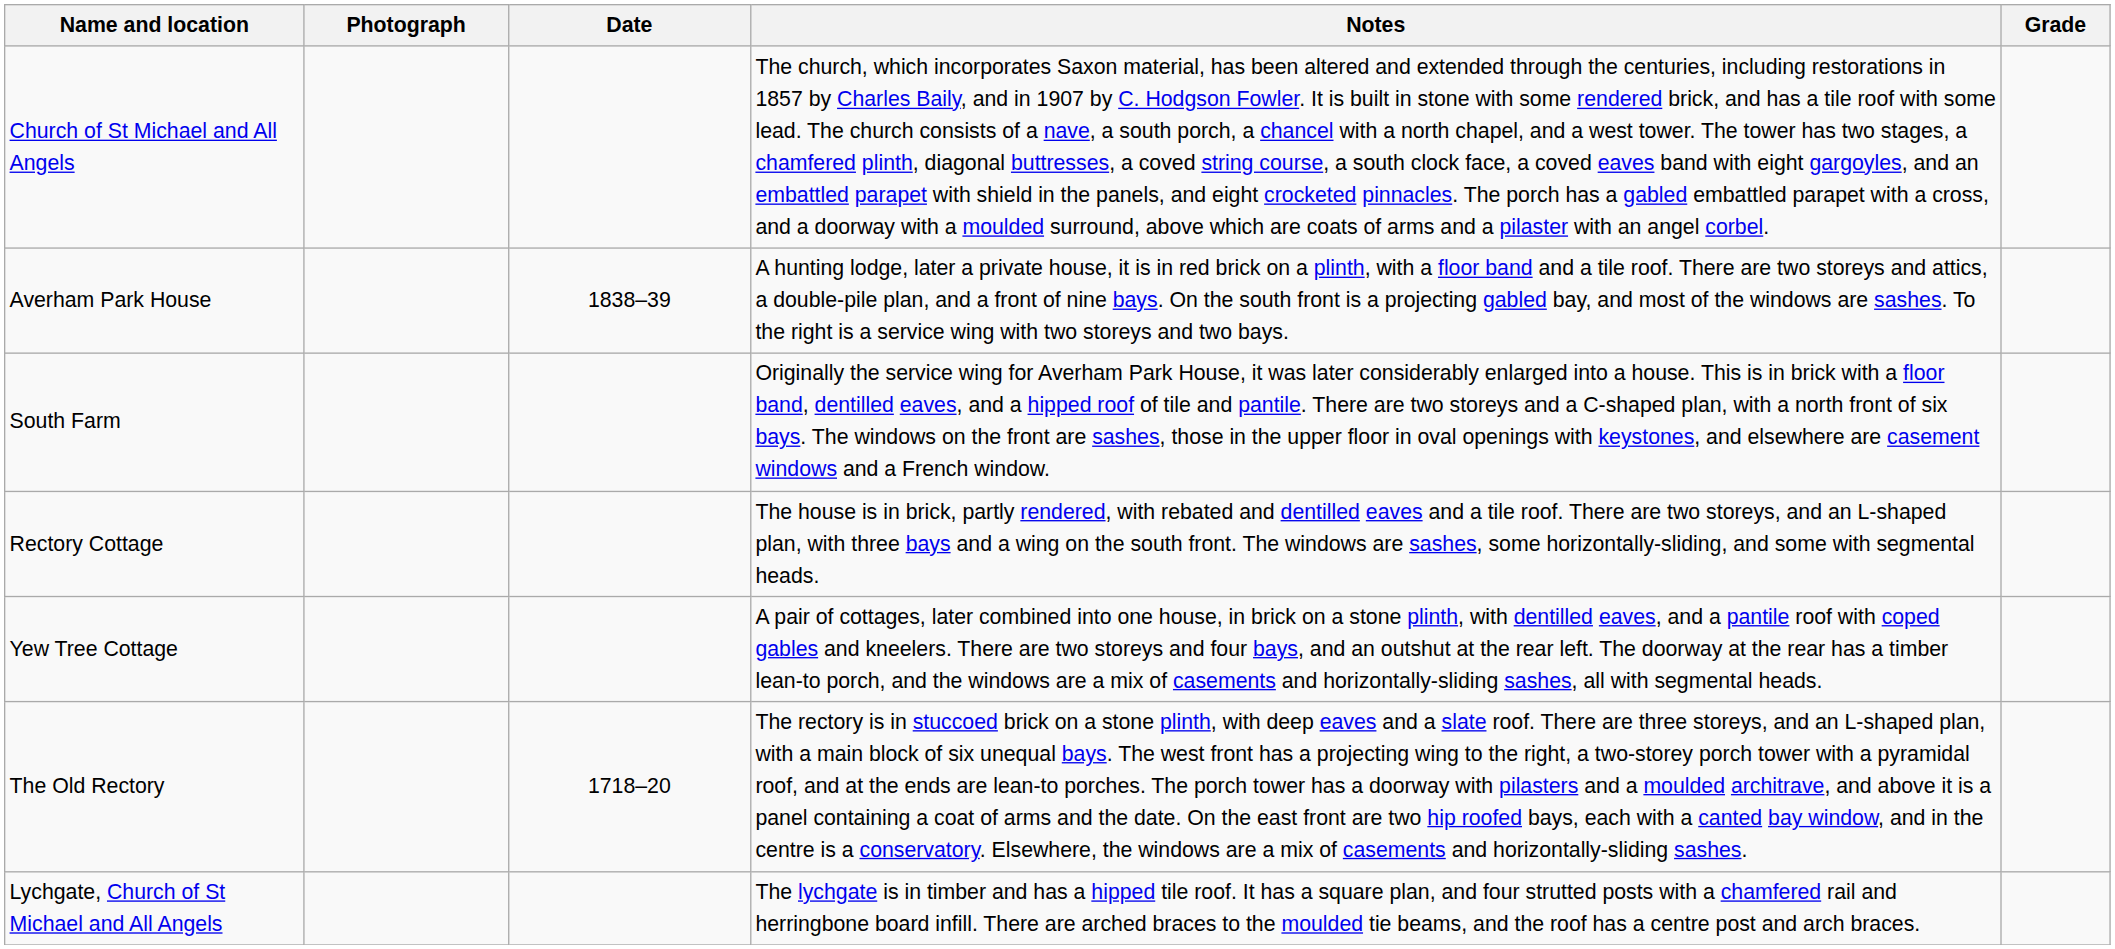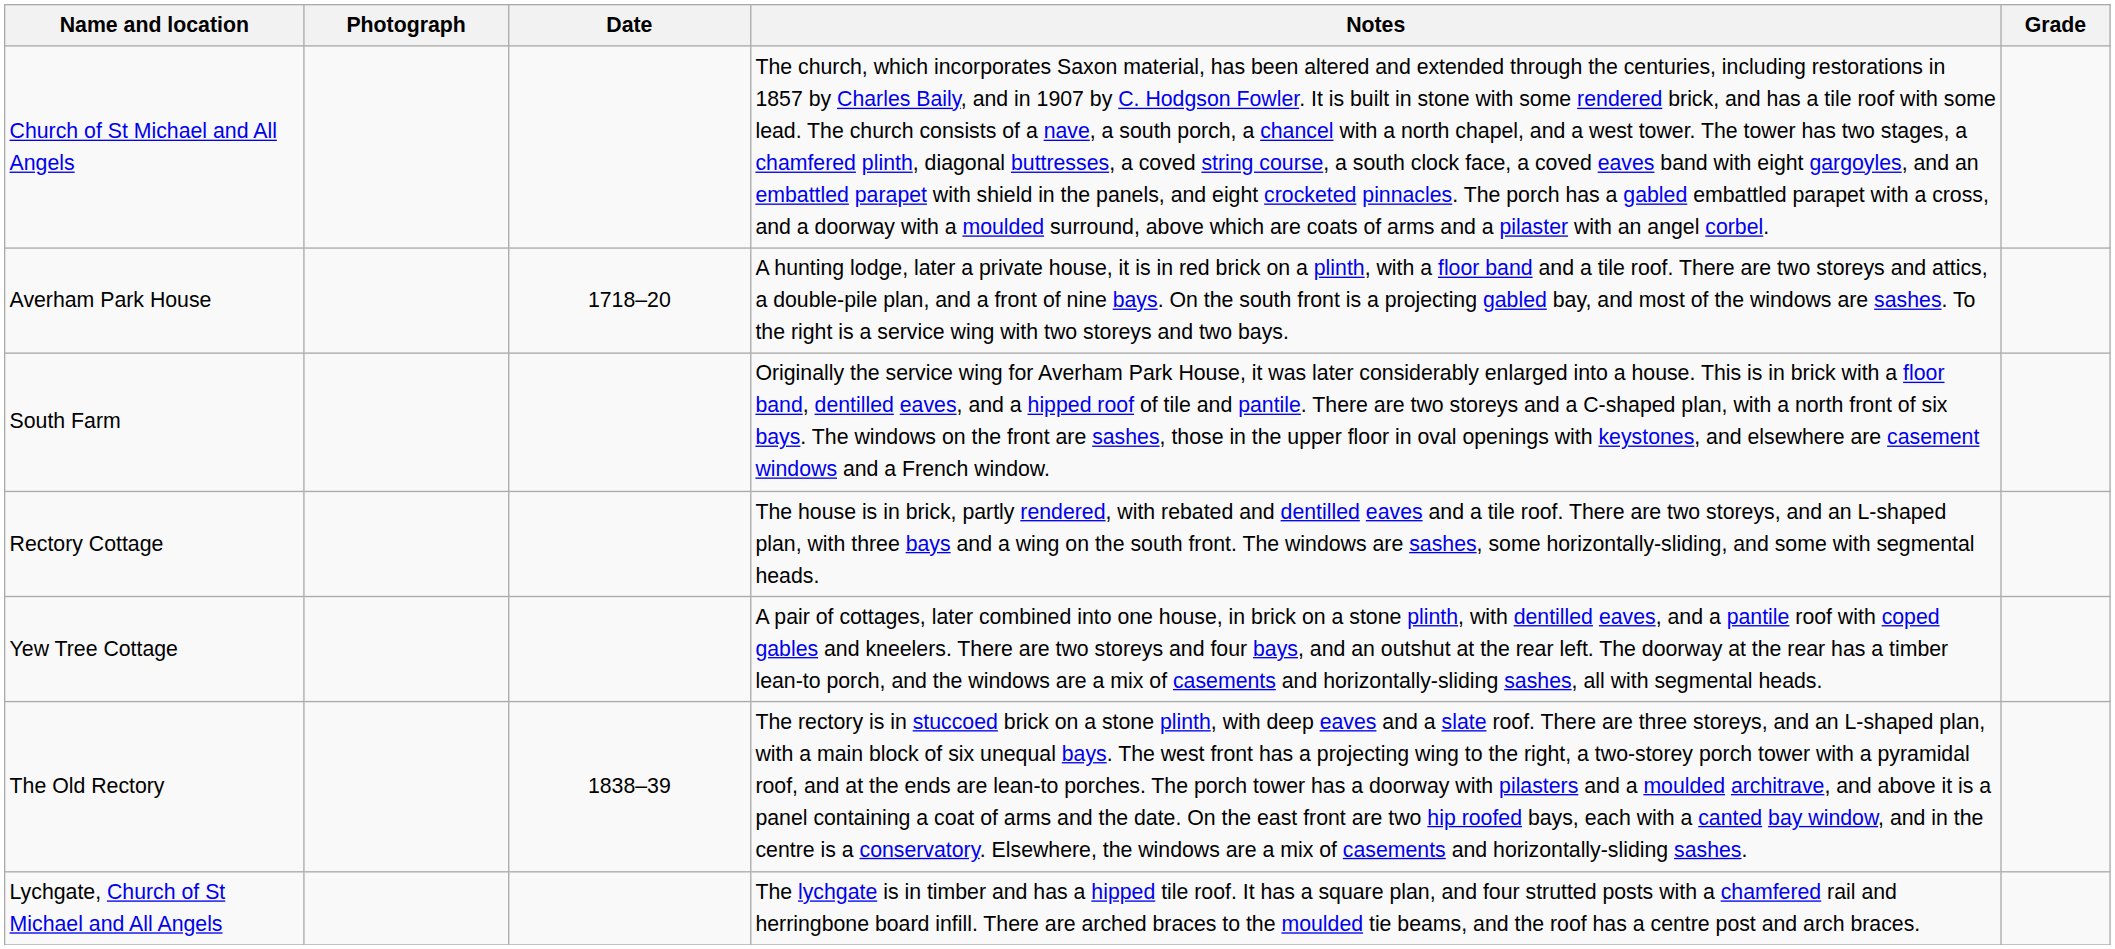 <table class="wikitable sortable plainrowheaders" style="width:100%; border:0px; text-align:left; line-height:150%">
 <tr>
 <th scope="col"  style="width:150px">Name and location</th>
 <th scope="col"  style="width:100px" class="unsortable">Photograph</th>
 <th scope="col"  style="width:120px">Date</th>
 <th scope="col"  style="width:650px" class="unsortable">Notes</th>
 <th scope="col"  style="width:50px">Grade</th>
 </tr>
 <tr>
 <td><a href='#'>Church of St Michael and All Angels</a><br><small></small></td>
 <td></td>
 <td align="center"></td>
 <td>The church, which incorporates Saxon material, has been altered and extended through the centuries, including restorations in 1857 by <a href='#'>Charles Baily</a>, and in 1907 by <a href='#'>C. Hodgson Fowler</a>.  It is built in stone with some <a href='#'>rendered</a> brick, and has a tile roof with some lead.  The church consists of a <a href='#'>nave</a>, a south porch, a <a href='#'>chancel</a> with a north chapel, and a west tower.  The tower has two stages, a <a href='#'>chamfered</a> <a href='#'>plinth</a>, diagonal <a href='#'>buttresses</a>, a coved <a href='#'>string course</a>, a south clock face, a coved <a href='#'>eaves</a> band with eight <a href='#'>gargoyles</a>, and an <a href='#'>embattled</a> <a href='#'>parapet</a> with shield in the panels, and eight <a href='#'>crocketed</a> <a href='#'>pinnacles</a>.  The porch has a <a href='#'>gabled</a> embattled parapet with a cross, and a doorway with a <a href='#'>moulded</a> surround, above which are coats of arms and a <a href='#'>pilaster</a> with an angel <a href='#'>corbel</a>.</td>
 <td align="center" ></td>
 </tr>
 <tr>
 <td>Averham Park House<br><small></small></td>
 <td></td>
-<td align="center">1838–39</td>
+<td align="center">1718–20</td>
 <td>A hunting lodge, later a private house, it is in red brick on a <a href='#'>plinth</a>, with a <a href='#'>floor band</a> and a tile roof.  There are two storeys and attics, a double-pile plan, and a front of nine <a href='#'>bays</a>.  On the south front is a projecting <a href='#'>gabled</a> bay, and most of the windows are <a href='#'>sashes</a>.  To the right is a service wing with two storeys and two bays.</td>
 <td align="center" ></td>
 </tr>
 <tr>
 <td>South Farm<br><small></small></td>
 <td></td>
 <td align="center"></td>
 <td>Originally the service wing for Averham Park House, it was later considerably enlarged into a house.  This is in brick with a <a href='#'>floor band</a>, <a href='#'>dentilled</a> <a href='#'>eaves</a>, and a <a href='#'>hipped roof</a> of tile and <a href='#'>pantile</a>.  There are two storeys and a C-shaped plan, with a north front of six <a href='#'>bays</a>.  The windows on the front are <a href='#'>sashes</a>, those in the upper floor in oval openings with <a href='#'>keystones</a>, and elsewhere are <a href='#'>casement windows</a> and a French window.</td>
 <td align="center" ></td>
 </tr>
 <tr>
 <td>Rectory Cottage<br><small></small></td>
 <td></td>
 <td align="center"></td>
 <td>The house is in brick, partly <a href='#'>rendered</a>, with rebated and <a href='#'>dentilled</a> <a href='#'>eaves</a> and a tile roof.  There are two storeys, and an L-shaped plan, with three <a href='#'>bays</a> and a wing on the south front. The windows are <a href='#'>sashes</a>, some horizontally-sliding, and some with segmental heads.</td>
 <td align="center" ></td>
 </tr>
 <tr>
 <td>Yew Tree Cottage<br><small></small></td>
 <td></td>
 <td align="center"></td>
 <td>A pair of cottages, later combined into one house, in brick on a stone <a href='#'>plinth</a>, with <a href='#'>dentilled</a> <a href='#'>eaves</a>, and a <a href='#'>pantile</a> roof with <a href='#'>coped</a> <a href='#'>gables</a> and kneelers.  There are two storeys and four <a href='#'>bays</a>, and an outshut at the rear left.  The doorway at the rear has a timber lean-to porch, and the windows are a mix of <a href='#'>casements</a> and horizontally-sliding <a href='#'>sashes</a>, all with segmental heads.</td>
 <td align="center" ></td>
 </tr>
 <tr>
 <td>The Old Rectory<br><small></small></td>
 <td></td>
-<td align="center">1718–20</td>
+<td align="center">1838–39</td>
 <td>The rectory is in <a href='#'>stuccoed</a> brick on a stone <a href='#'>plinth</a>, with deep <a href='#'>eaves</a> and a <a href='#'>slate</a> roof.  There are three storeys, and an L-shaped plan, with a main block of six unequal <a href='#'>bays</a>.  The west front has a projecting wing to the right, a two-storey porch tower with a pyramidal roof, and at the ends are lean-to porches.  The porch tower has a doorway with <a href='#'>pilasters</a> and a <a href='#'>moulded</a> <a href='#'>architrave</a>, and above it is a panel containing a coat of arms and the date.  On the east front are two <a href='#'>hip roofed</a> bays, each with a <a href='#'>canted</a> <a href='#'>bay window</a>, and in the centre is a <a href='#'>conservatory</a>.  Elsewhere, the windows are a mix of <a href='#'>casements</a> and horizontally-sliding <a href='#'>sashes</a>.</td>
 <td align="center" ></td>
 </tr>
 <tr>
 <td>Lychgate, <a href='#'>Church of St Michael and All Angels</a><br><small></small></td>
 <td></td>
 <td align="center"></td>
 <td>The <a href='#'>lychgate</a> is in timber and has a <a href='#'>hipped</a> tile roof.  It has a square plan, and four strutted posts with a <a href='#'>chamfered</a> rail and herringbone board infill. There are arched braces to the <a href='#'>moulded</a> tie beams, and the roof has a centre post and arch braces.</td>
 <td align="center" ></td>
 </tr>
 <tr>
 </tr>
 </table>
